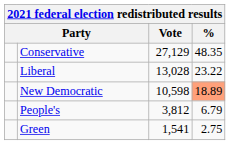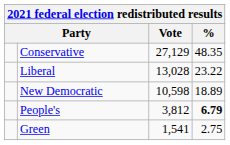 <table class="wikitable">
 <tr>
 <th colspan="4"><a href='#'>2021 federal election</a> redistributed results</th>
 </tr>
 <tr>
 <th bgcolor="#DDDDFF" width="130px" colspan="2">Party</th>
 <th bgcolor="#DDDDFF" width="50px">Vote</th>
 <th bgcolor="#DDDDFF" width="30px">%</th>
 </tr>
 <tr>
 <td> </td>
 <td><a href='#'>Conservative</a></td>
 <td align=right>27,129</td>
 <td align=right>48.35</td>
 </tr>
 <tr>
 <td> </td>
 <td><a href='#'>Liberal</a></td>
 <td align=right>13,028</td>
 <td align=right>23.22</td>
 </tr>
 <tr>
 <td> </td>
 <td><a href='#'>New Democratic</a></td>
 <td align=right>10,598</td>
-<td align=right style="background: lightsalmon;">18.89</td>
+<td align=right>18.89</td>
 </tr>
 <tr>
 <td> </td>
 <td><a href='#'>People's</a></td>
 <td align=right>3,812</td>
-<td align=right>6.79</td>
+<td align=right><strong>6.79</strong></td>
 </tr>
 <tr>
 <td> </td>
 <td><a href='#'>Green</a></td>
 <td align=right>1,541</td>
 <td align=right>2.75</td>
 </tr>
 </table>
